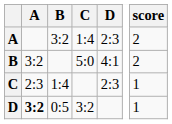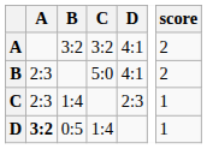 <table class="wikitable" style="border:none">
 <tr>
 <th></th>
 <th>A</th>
 <th>B</th>
 <th>C</th>
 <th>D</th>
 <td rowspan="5" style="border: none; background: white;"></td>
 <th>score</th>
 </tr>
 <tr>
 <th>A</th>
 <td></td>
 <td>3:2</td>
-<td>1:4</td>
-<td>2:3</td>
+<td>3:2</td>
+<td>4:1</td>
 <td>2</td>
 </tr>
 <tr>
 <th>B</th>
-<td>3:2</td>
+<td>2:3</td>
 <td></td>
 <td>5:0</td>
 <td>4:1</td>
 <td>2</td>
 </tr>
 <tr>
 <th>C</th>
 <td>2:3</td>
 <td>1:4</td>
 <td></td>
 <td>2:3</td>
 <td>1</td>
 </tr>
 <tr>
 <th>D</th>
 <td><strong>3:2</strong></td>
 <td>0:5</td>
-<td>3:2</td>
+<td>1:4</td>
 <td></td>
 <td>1</td>
 </tr>
 </table>
